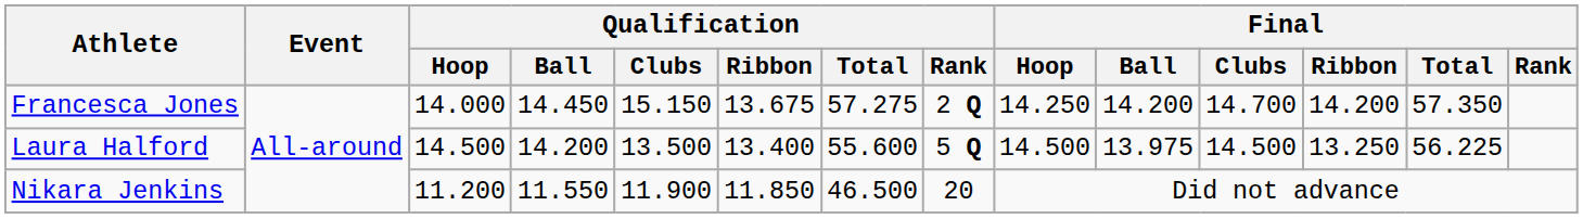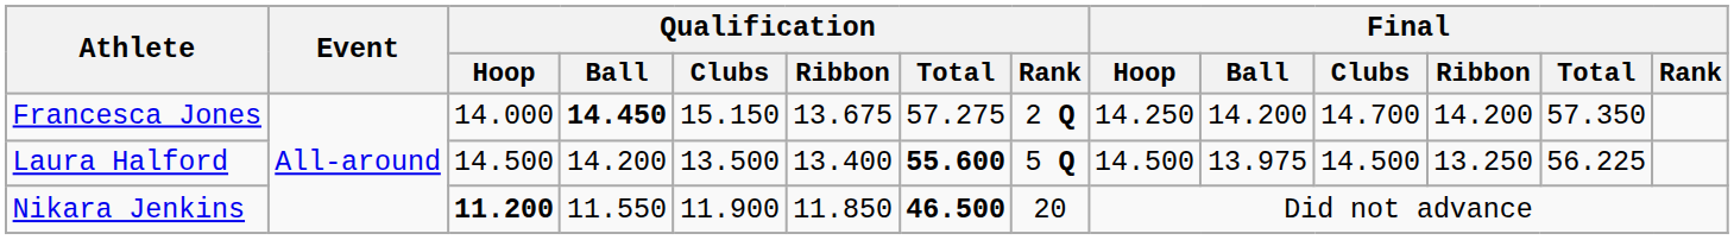 <table class=wikitable style="font-size:90%">
 <tr>
 <th rowspan="2">Athlete</th>
 <th rowspan="2">Event</th>
 <th colspan=6>Qualification</th>
 <th colspan=6>Final</th>
 </tr>
 <tr style="font-size:95%">
 <th>Hoop</th>
 <th>Ball</th>
 <th>Clubs</th>
 <th>Ribbon</th>
 <th>Total</th>
 <th>Rank</th>
 <th>Hoop</th>
 <th>Ball</th>
 <th>Clubs</th>
 <th>Ribbon</th>
 <th>Total</th>
 <th>Rank</th>
 </tr>
 <tr align=center>
 <td align=left><a href='#'>Francesca Jones</a></td>
 <td align=left rowspan=3><a href='#'>All-around</a></td>
 <td>14.000</td>
-<td>14.450</td>
+<td><strong>14.450</strong></td>
 <td>15.150</td>
 <td>13.675</td>
 <td>57.275</td>
 <td>2 <strong>Q</strong></td>
 <td>14.250</td>
 <td>14.200</td>
 <td>14.700</td>
 <td>14.200</td>
 <td>57.350</td>
 <td></td>
 </tr>
 <tr align=center>
 <td align=left><a href='#'>Laura Halford</a></td>
 <td>14.500</td>
 <td>14.200</td>
 <td>13.500</td>
 <td>13.400</td>
-<td>55.600</td>
+<td><strong>55.600</strong></td>
 <td>5 <strong>Q</strong></td>
 <td>14.500</td>
 <td>13.975</td>
 <td>14.500</td>
 <td>13.250</td>
 <td>56.225</td>
 <td></td>
 </tr>
 <tr align=center>
 <td align=left><a href='#'>Nikara Jenkins</a></td>
-<td>11.200</td>
+<td><strong>11.200</strong></td>
 <td>11.550</td>
 <td>11.900</td>
 <td>11.850</td>
-<td>46.500</td>
+<td><strong>46.500</strong></td>
 <td>20</td>
 <td colspan=6>Did not advance</td>
 </tr>
 </table>
